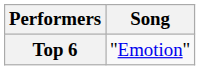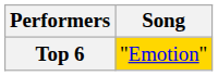 <table class="wikitable unsortable" style="text-align:center;">
 <tr>
 <th scope="col">Performers</th>
 <th scope="col">Song</th>
 </tr>
 <tr>
 <th scope="row">Top 6</th>
-<td>"<a href='#'>Emotion</a>"</td>
+<td style="background: gold;">"<a href='#'>Emotion</a>"</td>
 </tr>
 </table>
